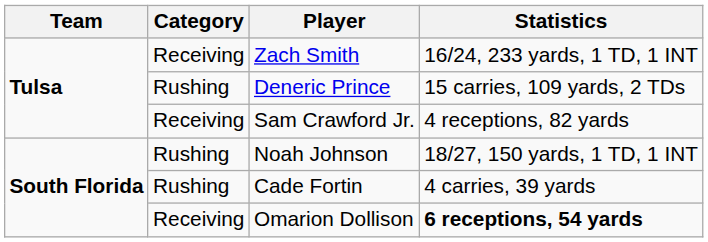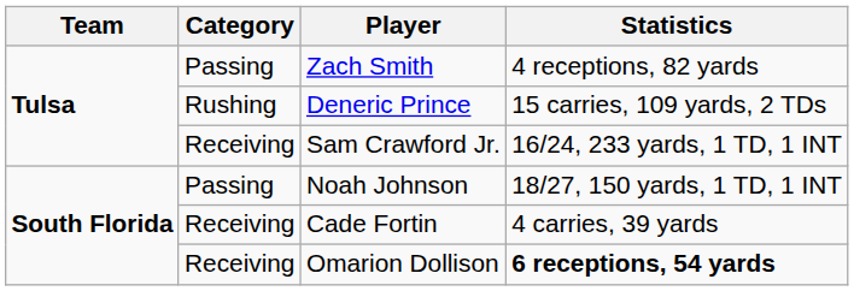 <table class="wikitable" style="float: left;">
 <tr>
 <th>Team</th>
 <th>Category</th>
 <th>Player</th>
 <th>Statistics</th>
 </tr>
 <tr>
 <td rowspan=3><strong>Tulsa</strong></td>
-<td>Receiving</td>
+<td>Passing</td>
 <td><a href='#'>Zach Smith</a></td>
-<td>16/24, 233 yards, 1 TD, 1 INT</td>
+<td>4 receptions, 82 yards</td>
 </tr>
 <tr>
 <td>Rushing</td>
 <td><a href='#'>Deneric Prince</a></td>
 <td>15 carries, 109 yards, 2 TDs</td>
 </tr>
 <tr>
 <td>Receiving</td>
 <td>Sam Crawford Jr.</td>
-<td>4 receptions, 82 yards</td>
+<td>16/24, 233 yards, 1 TD, 1 INT</td>
 </tr>
 <tr>
 <td rowspan=3><strong>South Florida</strong></td>
-<td>Rushing</td>
+<td>Passing</td>
 <td>Noah Johnson</td>
 <td>18/27, 150 yards, 1 TD, 1 INT</td>
 </tr>
 <tr>
-<td>Rushing</td>
+<td>Receiving</td>
 <td>Cade Fortin</td>
 <td>4 carries, 39 yards</td>
 </tr>
 <tr>
 <td>Receiving</td>
 <td>Omarion Dollison</td>
 <td><strong>6 receptions, 54 yards</strong></td>
 </tr>
 </table>
